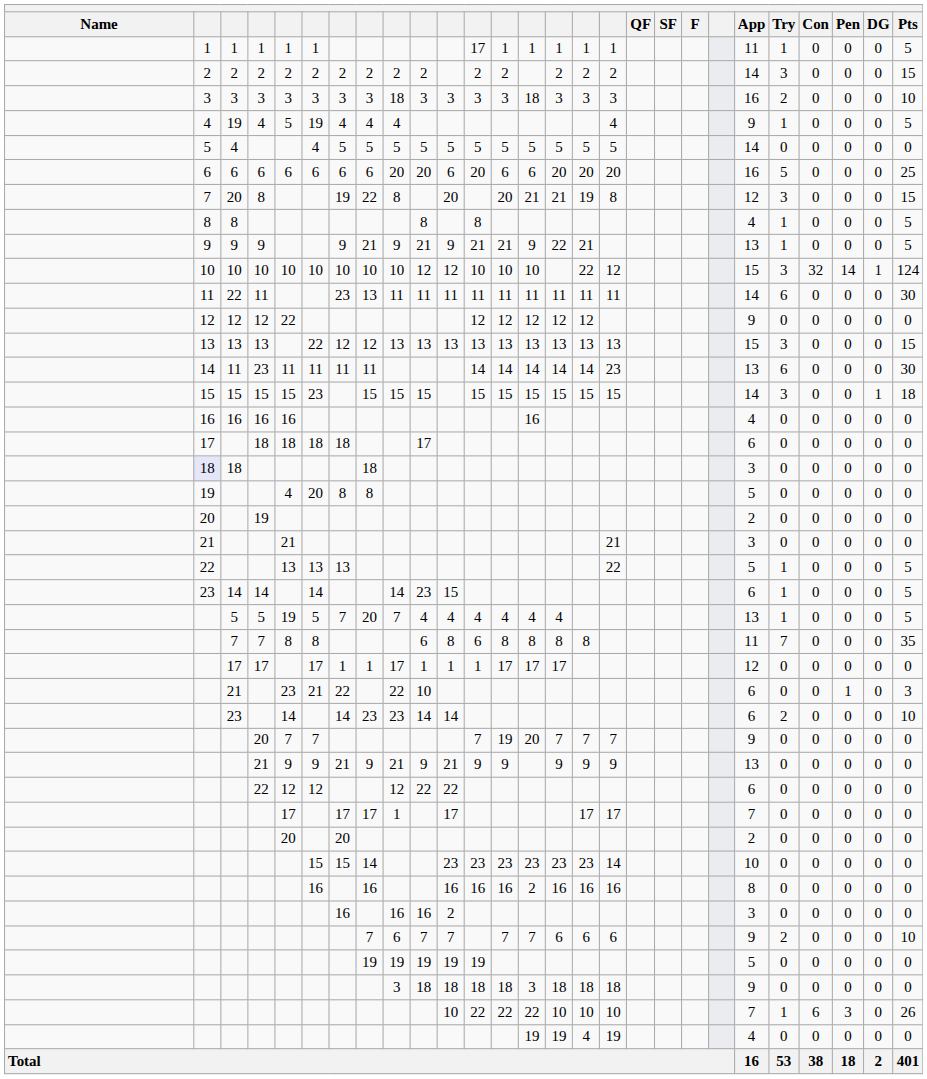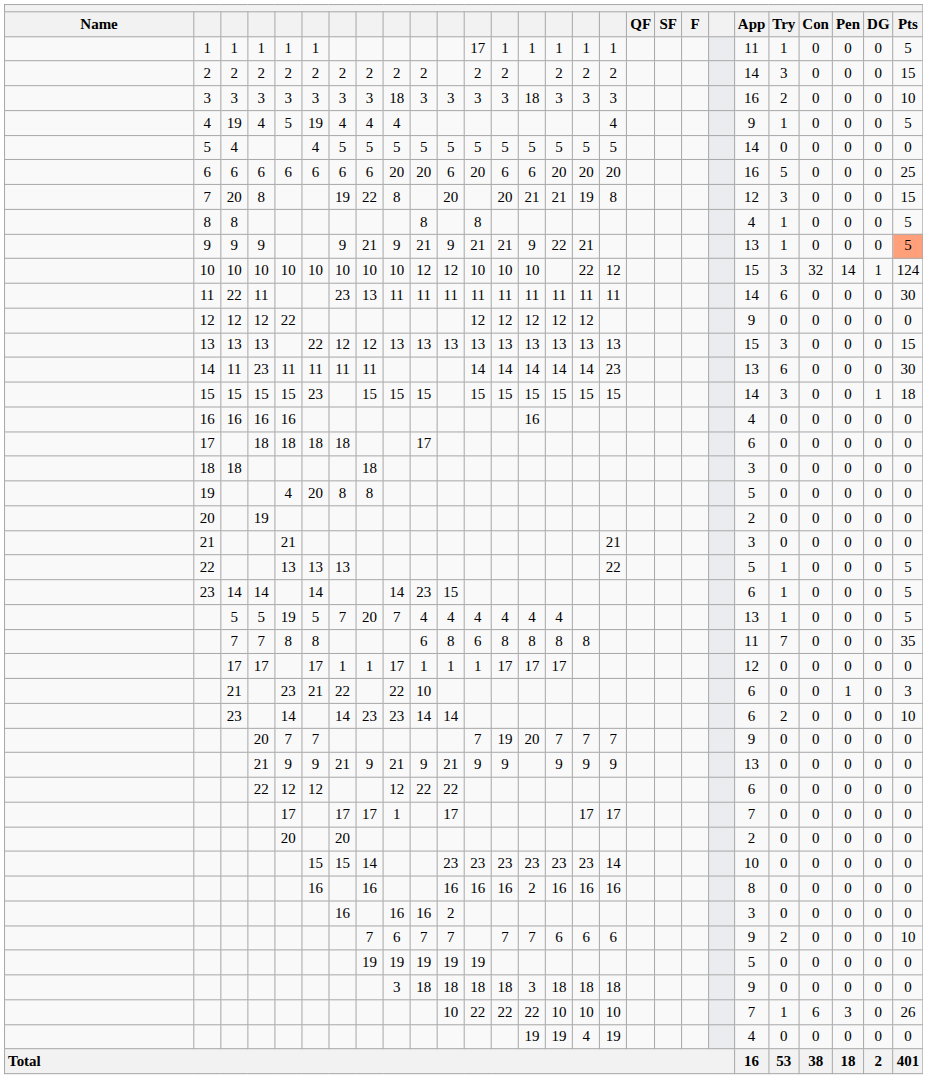 <table class="wikitable sortable" style="text-align:center; font-size:90%; width:100%">
 <tr>
 <th colspan="100%"></th>
 </tr>
 <tr>
 <th style="width:22%;">Name</th>
 <th style="width:3%;"></th>
 <th style="width:3%;"></th>
 <th style="width:3%;"></th>
 <th style="width:3%;"></th>
 <th style="width:3%;"></th>
 <th style="width:3%;"></th>
 <th style="width:3%;"></th>
 <th style="width:3%;"></th>
 <th style="width:3%;"></th>
 <th style="width:3%;"></th>
 <th style="width:3%;"></th>
 <th style="width:3%;"></th>
 <th style="width:3%;"></th>
 <th style="width:3%;"></th>
 <th style="width:3%;"></th>
 <th style="width:3%;"></th>
 <th style="width:3%;">QF</th>
 <th style="width:3%;">SF</th>
 <th style="width:3%;">F</th>
 <th style="width:3%;"></th>
 <th style="width:3%;">App</th>
 <th style="width:3%;">Try</th>
 <th style="width:3%;">Con</th>
 <th style="width:3%;">Pen</th>
 <th style="width:3%;">DG</th>
 <th style="width:3%;">Pts</th>
 </tr>
 <tr>
 <td style="text-align:left;"></td>
 <td>1</td>
 <td>1</td>
 <td>1</td>
 <td>1</td>
 <td>1</td>
 <td></td>
 <td></td>
 <td></td>
 <td></td>
 <td></td>
 <td>17 </td>
 <td>1</td>
 <td>1</td>
 <td>1</td>
 <td>1</td>
 <td>1</td>
 <td></td>
 <td></td>
 <td></td>
 <td style="background:#EBECF0;"></td>
 <td>11</td>
 <td>1</td>
 <td>0</td>
 <td>0</td>
 <td>0</td>
 <td>5</td>
 </tr>
 <tr>
 <td style="text-align:left;"></td>
 <td>2</td>
 <td>2</td>
 <td>2</td>
 <td>2</td>
 <td>2</td>
 <td>2</td>
 <td>2</td>
 <td>2</td>
 <td>2</td>
 <td></td>
 <td>2</td>
 <td>2</td>
 <td></td>
 <td>2</td>
 <td>2</td>
 <td>2</td>
 <td></td>
 <td></td>
 <td></td>
 <td style="background:#EBECF0;"></td>
 <td>14</td>
 <td>3</td>
 <td>0</td>
 <td>0</td>
 <td>0</td>
 <td>15</td>
 </tr>
 <tr>
 <td style="text-align:left;"></td>
 <td>3</td>
 <td>3</td>
 <td>3</td>
 <td>3</td>
 <td>3</td>
 <td>3</td>
 <td>3</td>
 <td>18 </td>
 <td>3</td>
 <td>3</td>
 <td>3</td>
 <td>3</td>
 <td>18 </td>
 <td>3</td>
 <td>3</td>
 <td>3</td>
 <td></td>
 <td></td>
 <td></td>
 <td style="background:#EBECF0;"></td>
 <td>16</td>
 <td>2</td>
 <td>0</td>
 <td>0</td>
 <td>0</td>
 <td>10</td>
 </tr>
 <tr>
 <td style="text-align:left;"></td>
 <td>4</td>
 <td>19 </td>
 <td>4</td>
 <td>5</td>
 <td>19 </td>
 <td>4</td>
 <td>4</td>
 <td>4</td>
 <td></td>
 <td></td>
 <td></td>
 <td></td>
 <td></td>
 <td></td>
 <td></td>
 <td>4</td>
 <td></td>
 <td></td>
 <td></td>
 <td style="background:#EBECF0;"></td>
 <td>9</td>
 <td>1</td>
 <td>0</td>
 <td>0</td>
 <td>0</td>
 <td>5</td>
 </tr>
 <tr>
 <td style="text-align:left;"></td>
 <td>5</td>
 <td>4</td>
 <td></td>
 <td></td>
 <td>4</td>
 <td>5</td>
 <td>5</td>
 <td>5</td>
 <td>5</td>
 <td>5</td>
 <td>5</td>
 <td>5</td>
 <td>5</td>
 <td>5</td>
 <td>5</td>
 <td>5</td>
 <td></td>
 <td></td>
 <td></td>
 <td style="background:#EBECF0;"></td>
 <td>14</td>
 <td>0</td>
 <td>0</td>
 <td>0</td>
 <td>0</td>
 <td>0</td>
 </tr>
 <tr>
 <td style="text-align:left;"></td>
 <td>6</td>
 <td>6</td>
 <td>6</td>
 <td>6</td>
 <td>6</td>
 <td>6</td>
 <td>6</td>
 <td>20 </td>
 <td>20 </td>
 <td>6</td>
 <td>20 </td>
 <td>6</td>
 <td>6</td>
 <td>20 </td>
 <td>20 </td>
 <td>20 </td>
 <td></td>
 <td></td>
 <td></td>
 <td style="background:#EBECF0;"></td>
 <td>16</td>
 <td>5</td>
 <td>0</td>
 <td>0</td>
 <td>0</td>
 <td>25</td>
 </tr>
 <tr>
 <td style="text-align:left;"></td>
 <td>7</td>
 <td>20 </td>
 <td>8</td>
 <td></td>
 <td></td>
 <td>19 </td>
 <td>22 </td>
 <td>8</td>
 <td></td>
 <td>20 </td>
 <td></td>
 <td>20 </td>
 <td>21 </td>
 <td>21 </td>
 <td>19 </td>
 <td>8</td>
 <td></td>
 <td></td>
 <td></td>
 <td style="background:#EBECF0;"></td>
 <td>12</td>
 <td>3</td>
 <td>0</td>
 <td>0</td>
 <td>0</td>
 <td>15</td>
 </tr>
 <tr>
 <td style="text-align:left;"></td>
 <td>8</td>
 <td>8</td>
 <td></td>
 <td></td>
 <td></td>
 <td></td>
 <td></td>
 <td></td>
 <td>8</td>
 <td></td>
 <td>8</td>
 <td></td>
 <td></td>
 <td></td>
 <td></td>
 <td></td>
 <td></td>
 <td></td>
 <td></td>
 <td style="background:#EBECF0;"></td>
 <td>4</td>
 <td>1</td>
 <td>0</td>
 <td>0</td>
 <td>0</td>
 <td>5</td>
 </tr>
 <tr>
 <td style="text-align:left;"></td>
 <td>9</td>
 <td>9</td>
 <td>9</td>
 <td></td>
 <td></td>
 <td>9</td>
 <td>21 </td>
 <td>9</td>
 <td>21 </td>
 <td>9</td>
 <td>21 </td>
 <td>21 </td>
 <td>9</td>
 <td>22 </td>
 <td>21 </td>
 <td></td>
 <td></td>
 <td></td>
 <td></td>
 <td style="background:#EBECF0;"></td>
 <td>13</td>
 <td>1</td>
 <td>0</td>
 <td>0</td>
 <td>0</td>
-<td>5</td>
+<td style="background: lightsalmon;">5</td>
 </tr>
 <tr>
 <td style="text-align:left;"></td>
 <td>10</td>
 <td>10</td>
 <td>10</td>
 <td>10</td>
 <td>10</td>
 <td>10</td>
 <td>10</td>
 <td>10</td>
 <td>12</td>
 <td>12</td>
 <td>10</td>
 <td>10</td>
 <td>10</td>
 <td></td>
 <td>22 </td>
 <td>12</td>
 <td></td>
 <td></td>
 <td></td>
 <td style="background:#EBECF0;"></td>
 <td>15</td>
 <td>3</td>
 <td>32</td>
 <td>14</td>
 <td>1</td>
 <td>124</td>
 </tr>
 <tr>
 <td style="text-align:left;"></td>
 <td>11</td>
 <td>22 </td>
 <td>11</td>
 <td></td>
 <td></td>
 <td>23 </td>
 <td>13</td>
 <td>11</td>
 <td>11</td>
 <td>11</td>
 <td>11</td>
 <td>11</td>
 <td>11</td>
 <td>11</td>
 <td>11</td>
 <td>11</td>
 <td></td>
 <td></td>
 <td></td>
 <td style="background:#EBECF0;"></td>
 <td>14</td>
 <td>6</td>
 <td>0</td>
 <td>0</td>
 <td>0</td>
 <td>30</td>
 </tr>
 <tr>
 <td style="text-align:left;"></td>
 <td>12</td>
 <td>12</td>
 <td>12</td>
 <td>22 </td>
 <td></td>
 <td></td>
 <td></td>
 <td></td>
 <td></td>
 <td></td>
 <td>12</td>
 <td>12</td>
 <td>12</td>
 <td>12</td>
 <td>12</td>
 <td></td>
 <td></td>
 <td></td>
 <td></td>
 <td style="background:#EBECF0;"></td>
 <td>9</td>
 <td>0</td>
 <td>0</td>
 <td>0</td>
 <td>0</td>
 <td>0</td>
 </tr>
 <tr>
 <td style="text-align:left;"></td>
 <td>13</td>
 <td>13</td>
 <td>13</td>
 <td></td>
 <td>22 </td>
 <td>12</td>
 <td>12</td>
 <td>13</td>
 <td>13</td>
 <td>13</td>
 <td>13</td>
 <td>13</td>
 <td>13</td>
 <td>13</td>
 <td>13</td>
 <td>13</td>
 <td></td>
 <td></td>
 <td></td>
 <td style="background:#EBECF0;"></td>
 <td>15</td>
 <td>3</td>
 <td>0</td>
 <td>0</td>
 <td>0</td>
 <td>15</td>
 </tr>
 <tr>
 <td style="text-align:left;"></td>
 <td>14</td>
 <td>11</td>
 <td>23 </td>
 <td>11</td>
 <td>11</td>
 <td>11</td>
 <td>11</td>
 <td></td>
 <td></td>
 <td></td>
 <td>14</td>
 <td>14</td>
 <td>14</td>
 <td>14</td>
 <td>14</td>
 <td>23 </td>
 <td></td>
 <td></td>
 <td></td>
 <td style="background:#EBECF0;"></td>
 <td>13</td>
 <td>6</td>
 <td>0</td>
 <td>0</td>
 <td>0</td>
 <td>30</td>
 </tr>
 <tr>
 <td style="text-align:left;"></td>
 <td>15</td>
 <td>15</td>
 <td>15</td>
 <td>15</td>
 <td>23 </td>
 <td></td>
 <td>15</td>
 <td>15</td>
 <td>15</td>
 <td></td>
 <td>15</td>
 <td>15</td>
 <td>15</td>
 <td>15</td>
 <td>15</td>
 <td>15</td>
 <td></td>
 <td></td>
 <td></td>
 <td style="background:#EBECF0;"></td>
 <td>14</td>
 <td>3</td>
 <td>0</td>
 <td>0</td>
 <td>1</td>
 <td>18</td>
 </tr>
 <tr>
 <td style="text-align:left;"></td>
 <td>16 </td>
 <td>16</td>
 <td>16 </td>
 <td>16 </td>
 <td></td>
 <td></td>
 <td></td>
 <td></td>
 <td></td>
 <td></td>
 <td></td>
 <td></td>
 <td>16 </td>
 <td></td>
 <td></td>
 <td></td>
 <td></td>
 <td></td>
 <td></td>
 <td style="background:#EBECF0;"></td>
 <td>4</td>
 <td>0</td>
 <td>0</td>
 <td>0</td>
 <td>0</td>
 <td>0</td>
 </tr>
 <tr>
 <td style="text-align:left;"></td>
 <td>17 </td>
 <td></td>
 <td>18 </td>
 <td>18 </td>
 <td>18 </td>
 <td>18 </td>
 <td></td>
 <td></td>
 <td>17 </td>
 <td></td>
 <td></td>
 <td></td>
 <td></td>
 <td></td>
 <td></td>
 <td></td>
 <td></td>
 <td></td>
 <td></td>
 <td style="background:#EBECF0;"></td>
 <td>6</td>
 <td>0</td>
 <td>0</td>
 <td>0</td>
 <td>0</td>
 <td>0</td>
 </tr>
 <tr>
 <td style="text-align:left;"></td>
-<td style="background: lavender;">18 </td>
+<td>18 </td>
 <td>18 </td>
 <td></td>
 <td></td>
 <td></td>
 <td></td>
 <td>18 </td>
 <td></td>
 <td></td>
 <td></td>
 <td></td>
 <td></td>
 <td></td>
 <td></td>
 <td></td>
 <td></td>
 <td></td>
 <td></td>
 <td></td>
 <td style="background:#EBECF0;"></td>
 <td>3</td>
 <td>0</td>
 <td>0</td>
 <td>0</td>
 <td>0</td>
 <td>0</td>
 </tr>
 <tr>
 <td style="text-align:left;"></td>
 <td>19 </td>
 <td></td>
 <td></td>
 <td>4</td>
 <td>20 </td>
 <td>8</td>
 <td>8</td>
 <td></td>
 <td></td>
 <td></td>
 <td></td>
 <td></td>
 <td></td>
 <td></td>
 <td></td>
 <td></td>
 <td></td>
 <td></td>
 <td></td>
 <td style="background:#EBECF0;"></td>
 <td>5</td>
 <td>0</td>
 <td>0</td>
 <td>0</td>
 <td>0</td>
 <td>0</td>
 </tr>
 <tr>
 <td style="text-align:left;"></td>
 <td>20 </td>
 <td></td>
 <td>19 </td>
 <td></td>
 <td></td>
 <td></td>
 <td></td>
 <td></td>
 <td></td>
 <td></td>
 <td></td>
 <td></td>
 <td></td>
 <td></td>
 <td></td>
 <td></td>
 <td></td>
 <td></td>
 <td></td>
 <td style="background:#EBECF0;"></td>
 <td>2</td>
 <td>0</td>
 <td>0</td>
 <td>0</td>
 <td>0</td>
 <td>0</td>
 </tr>
 <tr>
 <td style="text-align:left;"></td>
 <td>21 </td>
 <td></td>
 <td></td>
 <td>21 </td>
 <td></td>
 <td></td>
 <td></td>
 <td></td>
 <td></td>
 <td></td>
 <td></td>
 <td></td>
 <td></td>
 <td></td>
 <td></td>
 <td>21 </td>
 <td></td>
 <td></td>
 <td></td>
 <td style="background:#EBECF0;"></td>
 <td>3</td>
 <td>0</td>
 <td>0</td>
 <td>0</td>
 <td>0</td>
 <td>0</td>
 </tr>
 <tr>
 <td style="text-align:left;"></td>
 <td>22 </td>
 <td></td>
 <td></td>
 <td>13</td>
 <td>13</td>
 <td>13</td>
 <td></td>
 <td></td>
 <td></td>
 <td></td>
 <td></td>
 <td></td>
 <td></td>
 <td></td>
 <td></td>
 <td>22 </td>
 <td></td>
 <td></td>
 <td></td>
 <td style="background:#EBECF0;"></td>
 <td>5</td>
 <td>1</td>
 <td>0</td>
 <td>0</td>
 <td>0</td>
 <td>5</td>
 </tr>
 <tr>
 <td style="text-align:left;"></td>
 <td>23 </td>
 <td>14</td>
 <td>14</td>
 <td></td>
 <td>14</td>
 <td></td>
 <td></td>
 <td>14</td>
 <td>23</td>
 <td>15</td>
 <td></td>
 <td></td>
 <td></td>
 <td></td>
 <td></td>
 <td></td>
 <td></td>
 <td></td>
 <td></td>
 <td style="background:#EBECF0;"></td>
 <td>6</td>
 <td>1</td>
 <td>0</td>
 <td>0</td>
 <td>0</td>
 <td>5</td>
 </tr>
 <tr>
 <td style="text-align:left;"></td>
 <td></td>
 <td>5</td>
 <td>5</td>
 <td>19 </td>
 <td>5</td>
 <td>7</td>
 <td>20 </td>
 <td>7</td>
 <td>4</td>
 <td>4</td>
 <td>4</td>
 <td>4</td>
 <td>4</td>
 <td>4</td>
 <td></td>
 <td></td>
 <td></td>
 <td></td>
 <td></td>
 <td style="background:#EBECF0;"></td>
 <td>13</td>
 <td>1</td>
 <td>0</td>
 <td>0</td>
 <td>0</td>
 <td>5</td>
 </tr>
 <tr>
 <td style="text-align:left;"></td>
 <td></td>
 <td>7</td>
 <td>7</td>
 <td>8</td>
 <td>8</td>
 <td></td>
 <td></td>
 <td></td>
 <td>6</td>
 <td>8</td>
 <td>6</td>
 <td>8</td>
 <td>8</td>
 <td>8</td>
 <td>8</td>
 <td></td>
 <td></td>
 <td></td>
 <td></td>
 <td style="background:#EBECF0;"></td>
 <td>11</td>
 <td>7</td>
 <td>0</td>
 <td>0</td>
 <td>0</td>
 <td>35</td>
 </tr>
 <tr>
 <td style="text-align:left;"></td>
 <td></td>
 <td>17 </td>
 <td>17 </td>
 <td></td>
 <td>17 </td>
 <td>1</td>
 <td>1</td>
 <td>17 </td>
 <td>1</td>
 <td>1</td>
 <td>1</td>
 <td>17 </td>
 <td>17 </td>
 <td>17 </td>
 <td></td>
 <td></td>
 <td></td>
 <td></td>
 <td></td>
 <td style="background:#EBECF0;"></td>
 <td>12</td>
 <td>0</td>
 <td>0</td>
 <td>0</td>
 <td>0</td>
 <td>0</td>
 </tr>
 <tr>
 <td style="text-align:left;"></td>
 <td></td>
 <td>21 </td>
 <td></td>
 <td>23 </td>
 <td>21 </td>
 <td>22 </td>
 <td></td>
 <td>22 </td>
 <td>10</td>
 <td></td>
 <td></td>
 <td></td>
 <td></td>
 <td></td>
 <td></td>
 <td></td>
 <td></td>
 <td></td>
 <td></td>
 <td style="background:#EBECF0;"></td>
 <td>6</td>
 <td>0</td>
 <td>0</td>
 <td>1</td>
 <td>0</td>
 <td>3</td>
 </tr>
 <tr>
 <td style="text-align:left;"></td>
 <td></td>
 <td>23</td>
 <td></td>
 <td>14</td>
 <td></td>
 <td>14</td>
 <td>23 </td>
 <td>23 </td>
 <td>14</td>
 <td>14</td>
 <td></td>
 <td></td>
 <td></td>
 <td></td>
 <td></td>
 <td></td>
 <td></td>
 <td></td>
 <td></td>
 <td style="background:#EBECF0;"></td>
 <td>6</td>
 <td>2</td>
 <td>0</td>
 <td>0</td>
 <td>0</td>
 <td>10</td>
 </tr>
 <tr>
 <td style="text-align:left;"></td>
 <td></td>
 <td></td>
 <td>20 </td>
 <td>7</td>
 <td>7</td>
 <td></td>
 <td></td>
 <td></td>
 <td></td>
 <td></td>
 <td>7</td>
 <td>19 </td>
 <td>20 </td>
 <td>7</td>
 <td>7</td>
 <td>7</td>
 <td></td>
 <td></td>
 <td></td>
 <td style="background:#EBECF0;"></td>
 <td>9</td>
 <td>0</td>
 <td>0</td>
 <td>0</td>
 <td>0</td>
 <td>0</td>
 </tr>
 <tr>
 <td style="text-align:left;"></td>
 <td></td>
 <td></td>
 <td>21 </td>
 <td>9</td>
 <td>9</td>
 <td>21 </td>
 <td>9</td>
 <td>21 </td>
 <td>9</td>
 <td>21 </td>
 <td>9</td>
 <td>9</td>
 <td></td>
 <td>9</td>
 <td>9</td>
 <td>9</td>
 <td></td>
 <td></td>
 <td></td>
 <td style="background:#EBECF0;"></td>
 <td>13</td>
 <td>0</td>
 <td>0</td>
 <td>0</td>
 <td>0</td>
 <td>0</td>
 </tr>
 <tr>
 <td style="text-align:left;"></td>
 <td></td>
 <td></td>
 <td>22 </td>
 <td>12</td>
 <td>12</td>
 <td></td>
 <td></td>
 <td>12</td>
 <td>22 </td>
 <td>22 </td>
 <td></td>
 <td></td>
 <td></td>
 <td></td>
 <td></td>
 <td></td>
 <td></td>
 <td></td>
 <td></td>
 <td style="background:#EBECF0;"></td>
 <td>6</td>
 <td>0</td>
 <td>0</td>
 <td>0</td>
 <td>0</td>
 <td>0</td>
 </tr>
 <tr>
 <td style="text-align:left;"></td>
 <td></td>
 <td></td>
 <td></td>
 <td>17 </td>
 <td></td>
 <td>17 </td>
 <td>17 </td>
 <td>1</td>
 <td></td>
 <td>17 </td>
 <td></td>
 <td></td>
 <td></td>
 <td></td>
 <td>17 </td>
 <td>17 </td>
 <td></td>
 <td></td>
 <td></td>
 <td style="background:#EBECF0;"></td>
 <td>7</td>
 <td>0</td>
 <td>0</td>
 <td>0</td>
 <td>0</td>
 <td>0</td>
 </tr>
 <tr>
 <td style="text-align:left;"></td>
 <td></td>
 <td></td>
 <td></td>
 <td>20 </td>
 <td></td>
 <td>20 </td>
 <td></td>
 <td></td>
 <td></td>
 <td></td>
 <td></td>
 <td></td>
 <td></td>
 <td></td>
 <td></td>
 <td></td>
 <td></td>
 <td></td>
 <td></td>
 <td style="background:#EBECF0;"></td>
 <td>2</td>
 <td>0</td>
 <td>0</td>
 <td>0</td>
 <td>0</td>
 <td>0</td>
 </tr>
 <tr>
 <td style="text-align:left;"></td>
 <td></td>
 <td></td>
 <td></td>
 <td></td>
 <td>15</td>
 <td>15</td>
 <td>14</td>
 <td></td>
 <td></td>
 <td>23 </td>
 <td>23 </td>
 <td>23 </td>
 <td>23 </td>
 <td>23 </td>
 <td>23 </td>
 <td>14</td>
 <td></td>
 <td></td>
 <td></td>
 <td style="background:#EBECF0;"></td>
 <td>10</td>
 <td>0</td>
 <td>0</td>
 <td>0</td>
 <td>0</td>
 <td>0</td>
 </tr>
 <tr>
 <td style="text-align:left;"></td>
 <td></td>
 <td></td>
 <td></td>
 <td></td>
 <td>16 </td>
 <td></td>
 <td>16 </td>
 <td></td>
 <td></td>
 <td>16 </td>
 <td>16</td>
 <td>16 </td>
 <td>2</td>
 <td>16 </td>
 <td>16 </td>
 <td>16 </td>
 <td></td>
 <td></td>
 <td></td>
 <td style="background:#EBECF0;"></td>
 <td>8</td>
 <td>0</td>
 <td>0</td>
 <td>0</td>
 <td>0</td>
 <td>0</td>
 </tr>
 <tr>
 <td style="text-align:left;"></td>
 <td></td>
 <td></td>
 <td></td>
 <td></td>
 <td></td>
 <td>16 </td>
 <td></td>
 <td>16 </td>
 <td>16</td>
 <td>2</td>
 <td></td>
 <td></td>
 <td></td>
 <td></td>
 <td></td>
 <td></td>
 <td></td>
 <td></td>
 <td></td>
 <td style="background:#EBECF0;"></td>
 <td>3</td>
 <td>0</td>
 <td>0</td>
 <td>0</td>
 <td>0</td>
 <td>0</td>
 </tr>
 <tr>
 <td style="text-align:left;"></td>
 <td></td>
 <td></td>
 <td></td>
 <td></td>
 <td></td>
 <td></td>
 <td>7</td>
 <td>6</td>
 <td>7</td>
 <td>7</td>
 <td></td>
 <td>7</td>
 <td>7</td>
 <td>6</td>
 <td>6</td>
 <td>6</td>
 <td></td>
 <td></td>
 <td></td>
 <td style="background:#EBECF0;"></td>
 <td>9</td>
 <td>2</td>
 <td>0</td>
 <td>0</td>
 <td>0</td>
 <td>10</td>
 </tr>
 <tr>
 <td style="text-align:left;"></td>
 <td></td>
 <td></td>
 <td></td>
 <td></td>
 <td></td>
 <td></td>
 <td>19 </td>
 <td>19 </td>
 <td>19 </td>
 <td>19 </td>
 <td>19 </td>
 <td></td>
 <td></td>
 <td></td>
 <td></td>
 <td></td>
 <td></td>
 <td></td>
 <td></td>
 <td style="background:#EBECF0;"></td>
 <td>5</td>
 <td>0</td>
 <td>0</td>
 <td>0</td>
 <td>0</td>
 <td>0</td>
 </tr>
 <tr>
 <td style="text-align:left;"></td>
 <td></td>
 <td></td>
 <td></td>
 <td></td>
 <td></td>
 <td></td>
 <td></td>
 <td>3</td>
 <td>18 </td>
 <td>18 </td>
 <td>18 </td>
 <td>18 </td>
 <td>3</td>
 <td>18 </td>
 <td>18 </td>
 <td>18 </td>
 <td></td>
 <td></td>
 <td></td>
 <td style="background:#EBECF0;"></td>
 <td>9</td>
 <td>0</td>
 <td>0</td>
 <td>0</td>
 <td>0</td>
 <td>0</td>
 </tr>
 <tr>
 <td style="text-align:left;"></td>
 <td></td>
 <td></td>
 <td></td>
 <td></td>
 <td></td>
 <td></td>
 <td></td>
 <td></td>
 <td></td>
 <td>10</td>
 <td>22 </td>
 <td>22 </td>
 <td>22 </td>
 <td>10</td>
 <td>10</td>
 <td>10</td>
 <td></td>
 <td></td>
 <td></td>
 <td style="background:#EBECF0;"></td>
 <td>7</td>
 <td>1</td>
 <td>6</td>
 <td>3</td>
 <td>0</td>
 <td>26</td>
 </tr>
 <tr>
 <td style="text-align:left;"></td>
 <td></td>
 <td></td>
 <td></td>
 <td></td>
 <td></td>
 <td></td>
 <td></td>
 <td></td>
 <td></td>
 <td></td>
 <td></td>
 <td></td>
 <td>19 </td>
 <td>19 </td>
 <td>4</td>
 <td>19 </td>
 <td></td>
 <td></td>
 <td></td>
 <td style="background:#EBECF0;"></td>
 <td>4</td>
 <td>0</td>
 <td>0</td>
 <td>0</td>
 <td>0</td>
 <td>0</td>
 </tr>
 <tr>
 <th colspan="21" style="text-align:left;">Total</th>
 <th>16</th>
 <th>53</th>
 <th>38</th>
 <th>18</th>
 <th>2</th>
 <th>401</th>
 </tr>
 </table>
